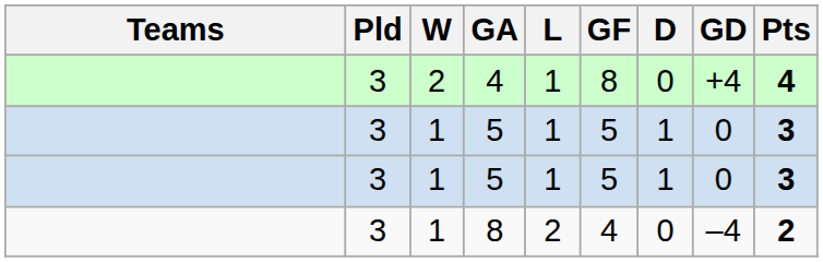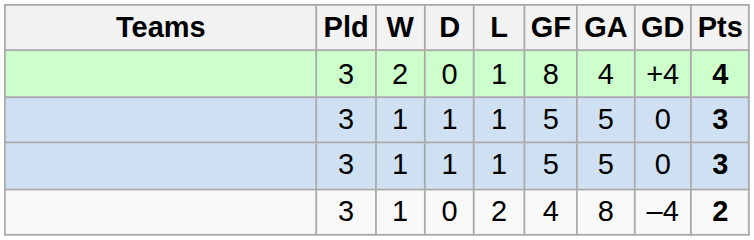 <table class="wikitable" style="text-align: center;">
 <tr>
 <th width=165>Teams</th>
 <th width=20>Pld</th>
 <th width=20>W</th>
-<th width=20>GA</th>
+<th width=20>D</th>
 <th width=20>L</th>
 <th width=20>GF</th>
-<th width=20>D</th>
+<th width=20>GA</th>
 <th width=20>GD</th>
 <th width=20>Pts</th>
 </tr>
 <tr align=center style="background:#ccffcc;">
 <td style="text-align:left;"></td>
 <td>3</td>
 <td>2</td>
-<td>4</td>
+<td>0</td>
 <td>1</td>
 <td>8</td>
-<td>0</td>
+<td>4</td>
 <td>+4</td>
 <td><strong>4</strong></td>
 </tr>
 <tr align=center style="background:#CEE0F2;">
 <td style="text-align:left;"></td>
 <td>3</td>
 <td>1</td>
-<td>5</td>
+<td>1</td>
 <td>1</td>
 <td>5</td>
-<td>1</td>
+<td>5</td>
 <td>0</td>
 <td><strong>3</strong></td>
 </tr>
 <tr align=center style="background:#CEE0F2;">
 <td style="text-align:left;"></td>
 <td>3</td>
 <td>1</td>
-<td>5</td>
+<td>1</td>
 <td>1</td>
 <td>5</td>
-<td>1</td>
+<td>5</td>
 <td>0</td>
 <td><strong>3</strong></td>
 </tr>
 <tr align=center>
 <td style="text-align:left;"></td>
 <td>3</td>
 <td>1</td>
-<td>8</td>
+<td>0</td>
 <td>2</td>
 <td>4</td>
-<td>0</td>
+<td>8</td>
 <td>–4</td>
 <td><strong>2</strong></td>
 </tr>
 </table>
